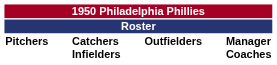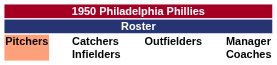 <table class="toccolours" style="font-size: 95%;">
 <tr>
 <th colspan="10" style="background-color: #A50024; color: white; text-align: center;">1950 Philadelphia Phillies</th>
 </tr>
 <tr>
 <td colspan="10" style="background-color: #263473; color: white; text-align: center;"><strong>Roster</strong></td>
 </tr>
 <tr>
-<td valign="top"><strong>Pitchers</strong><br>              </td>
+<td valign="top" style="background: lightsalmon;"><strong>Pitchers</strong><br>              </td>
 <td width="25px"></td>
 <td valign="top"><strong>Catchers</strong><br>   <strong>Infielders</strong>      </td>
 <td width="25px"></td>
 <td valign="top"><strong>Outfielders</strong><br>       </td>
 <td width="25px"></td>
 <td valign="top"><strong>Manager</strong><br> <strong>Coaches</strong>     </td>
 </tr>
 <tr>
 </tr>
 </table>
